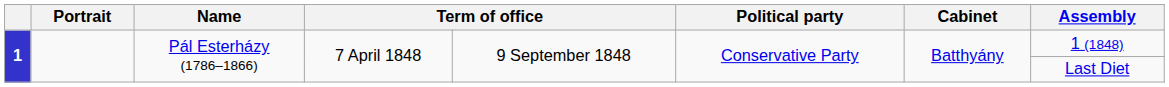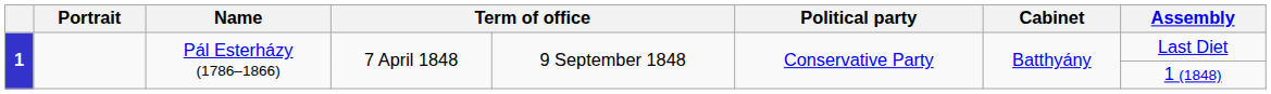 <table class="wikitable" style="width:90%; text-align:center;">
 <tr>
 <th></th>
 <th>Portrait</th>
 <th>Name<br></th>
 <th colspan=2>Term of office</th>
 <th>Political party</th>
 <th>Cabinet</th>
 <th><a href='#'>Assembly</a><br></th>
 </tr>
 <tr>
 <th rowspan="2" style="background-color:#3333CC; color:white">1</th>
 <td rowspan="2"></td>
 <td rowspan="2"><a href='#'>Pál Esterházy</a><br><small>(1786–1866)</small></td>
 <td rowspan="2">7 April 1848</td>
 <td rowspan="2">9 September 1848</td>
 <td rowspan="2"><a href='#'>Conservative Party</a></td>
 <td rowspan="2"><a href='#'>Batthyány</a></td>
+<td><a href='#'>Last Diet</a></td>
+</tr>
+<tr>
 <td><a href='#'>1 <small>(1848)</small></a></td>
 </tr>
-<tr>
-<td><a href='#'>Last Diet</a></td>
-</tr>
 </table>
